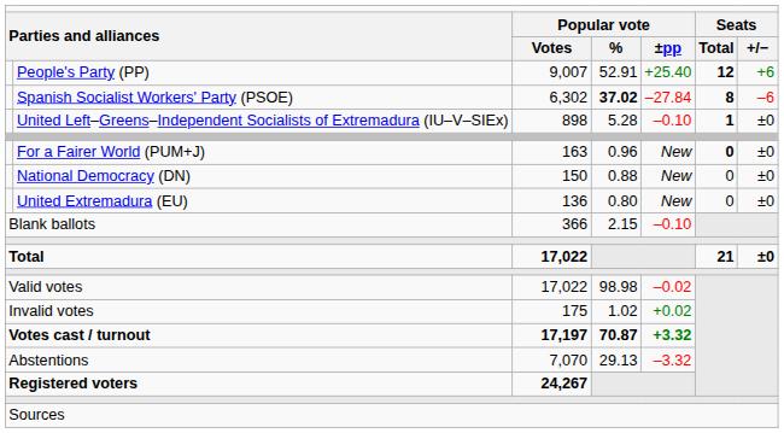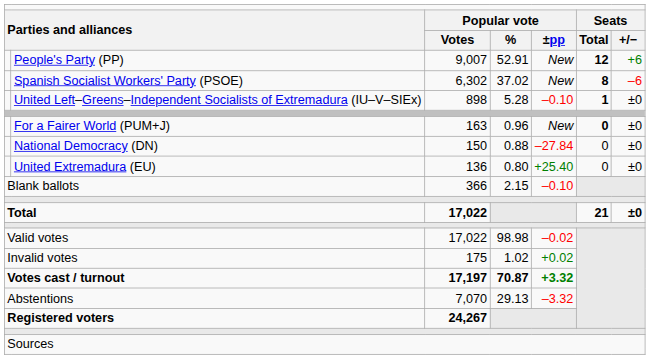 <table class="wikitable" style="text-align:right;">
 <tr>
 <td colspan="7"></td>
 </tr>
 <tr>
 <th style="text-align:left;" rowspan="2" colspan="2" width="525">Parties and alliances</th>
 <th colspan="3">Popular vote</th>
 <th colspan="2">Seats</th>
 </tr>
 <tr>
 <th width="75">Votes</th>
 <th width="45">%</th>
 <th width="45">±<a href='#'>pp</a></th>
 <th width="35">Total</th>
 <th width="35">+/−</th>
 </tr>
 <tr>
 <td width="1" style="color:inherit;background:"></td>
 <td align="left"><a href='#'>People's Party</a> (PP)</td>
 <td>9,007</td>
 <td>52.91</td>
-<td style="color:green;">+25.40</td>
+<td><em>New</em></td>
 <td><strong>12</strong></td>
 <td style="color:green;">+6</td>
 </tr>
 <tr>
 <td style="color:inherit;background:"></td>
 <td align="left"><a href='#'>Spanish Socialist Workers' Party</a> (PSOE)</td>
 <td>6,302</td>
-<td><strong>37.02</strong></td>
-<td style="color:red;">–27.84</td>
+<td>37.02</td>
+<td><em>New</em></td>
 <td><strong>8</strong></td>
 <td style="color:red;">–6</td>
 </tr>
 <tr>
 <td style="color:inherit;background:"></td>
 <td align="left"><a href='#'>United Left</a>–<a href='#'>Greens</a>–<a href='#'>Independent Socialists of Extremadura</a> (IU–V–SIEx)</td>
 <td>898</td>
 <td>5.28</td>
 <td style="color:red;">–0.10</td>
 <td><strong>1</strong></td>
 <td>±0</td>
 </tr>
 <tr>
 <td colspan="7" bgcolor="#C0C0C0"></td>
 </tr>
 <tr>
 <td style="color:inherit;background:"></td>
 <td align="left"><a href='#'>For a Fairer World</a> (PUM+J)</td>
 <td>163</td>
 <td>0.96</td>
 <td><em>New</em></td>
 <td><strong>0</strong></td>
 <td>±0</td>
 </tr>
 <tr>
 <td style="color:inherit;background:"></td>
 <td align="left"><a href='#'>National Democracy</a> (DN)</td>
 <td>150</td>
 <td>0.88</td>
-<td><em>New</em></td>
+<td style="color:red;">–27.84</td>
 <td>0</td>
 <td>±0</td>
 </tr>
 <tr>
 <td style="color:inherit;background:"></td>
 <td align="left"><a href='#'>United Extremadura</a> (EU)</td>
 <td>136</td>
 <td>0.80</td>
-<td><em>New</em></td>
+<td style="color:green;">+25.40</td>
 <td>0</td>
 <td>±0</td>
 </tr>
 <tr>
 <td align="left" colspan="2">Blank ballots</td>
 <td>366</td>
 <td>2.15</td>
 <td style="color:red;">–0.10</td>
 <td bgcolor="#E9E9E9" colspan="2"></td>
 </tr>
 <tr>
 <td colspan="7" bgcolor="#E9E9E9"></td>
 </tr>
 <tr style="font-weight:bold;">
 <td align="left" colspan="2">Total</td>
 <td>17,022</td>
 <td bgcolor="#E9E9E9" colspan="2"></td>
 <td>21</td>
 <td>±0</td>
 </tr>
 <tr>
 <td colspan="7" bgcolor="#E9E9E9"></td>
 </tr>
 <tr>
 <td align="left" colspan="2">Valid votes</td>
 <td>17,022</td>
 <td>98.98</td>
 <td style="color:red;">–0.02</td>
 <td bgcolor="#E9E9E9" colspan="2" rowspan="5"></td>
 </tr>
 <tr>
 <td align="left" colspan="2">Invalid votes</td>
 <td>175</td>
 <td>1.02</td>
 <td style="color:green;">+0.02</td>
 </tr>
 <tr style="font-weight:bold;">
 <td align="left" colspan="2">Votes cast / turnout</td>
 <td>17,197</td>
 <td>70.87</td>
 <td style="color:green;">+3.32</td>
 </tr>
 <tr>
 <td align="left" colspan="2">Abstentions</td>
 <td>7,070</td>
 <td>29.13</td>
 <td style="color:red;">–3.32</td>
 </tr>
 <tr style="font-weight:bold;">
 <td align="left" colspan="2">Registered voters</td>
 <td>24,267</td>
 <td bgcolor="#E9E9E9" colspan="2"></td>
 </tr>
 <tr>
 <td colspan="7" bgcolor="#E9E9E9"></td>
 </tr>
 <tr>
 <td align="left" colspan="7">Sources</td>
 </tr>
 </table>
